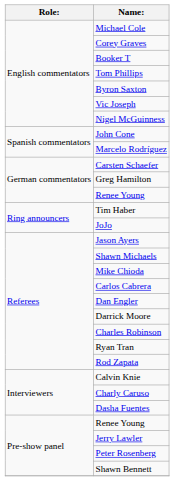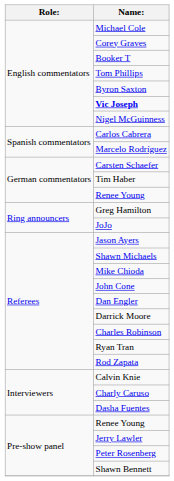 <table class=wikitable style="font-size:90%; margin: 0.5em 0 0.5em 1em; float: right; clear: right;">
 <tr>
 <th>Role:</th>
 <th>Name:</th>
 </tr>
 <tr>
 <td rowspan=7>English commentators</td>
 <td><a href='#'>Michael Cole</a> </td>
 </tr>
 <tr>
 <td><a href='#'>Corey Graves</a> </td>
 </tr>
 <tr>
 <td><a href='#'>Booker T</a> </td>
 </tr>
 <tr>
 <td><a href='#'>Tom Phillips</a> </td>
 </tr>
 <tr>
 <td><a href='#'>Byron Saxton</a> </td>
 </tr>
 <tr>
-<td><a href='#'>Vic Joseph</a> </td>
+<td><strong><a href='#'>Vic Joseph</a> </strong></td>
 </tr>
 <tr>
 <td><a href='#'>Nigel McGuinness</a> </td>
 </tr>
 <tr>
 <td rowspan=2>Spanish commentators</td>
-<td><a href='#'>John Cone</a></td>
+<td><a href='#'>Carlos Cabrera</a></td>
 </tr>
 <tr>
 <td><a href='#'>Marcelo Rodríguez</a></td>
 </tr>
 <tr>
 <td rowspan=3>German commentators</td>
 <td><a href='#'>Carsten Schaefer</a></td>
 </tr>
 <tr>
-<td>Greg Hamilton</td>
+<td>Tim Haber</td>
 </tr>
 <tr>
 <td><a href='#'>Renee Young</a></td>
 </tr>
 <tr>
 <td rowspan=2><a href='#'>Ring announcers</a></td>
-<td>Tim Haber</td>
+<td>Greg Hamilton</td>
 </tr>
 <tr>
 <td><a href='#'>JoJo</a></td>
 </tr>
 <tr>
 <td rowspan=9><a href='#'>Referees</a></td>
 <td><a href='#'>Jason Ayers</a></td>
 </tr>
 <tr>
 <td><a href='#'>Shawn Michaels</a></td>
 </tr>
 <tr>
 <td><a href='#'>Mike Chioda</a></td>
 </tr>
 <tr>
-<td><a href='#'>Carlos Cabrera</a></td>
+<td><a href='#'>John Cone</a></td>
 </tr>
 <tr>
 <td><a href='#'>Dan Engler</a></td>
 </tr>
 <tr>
 <td>Darrick Moore</td>
 </tr>
 <tr>
 <td><a href='#'>Charles Robinson</a></td>
 </tr>
 <tr>
 <td>Ryan Tran</td>
 </tr>
 <tr>
 <td><a href='#'>Rod Zapata</a></td>
 </tr>
 <tr>
 <td rowspan=3>Interviewers</td>
 <td>Calvin Knie</td>
 </tr>
 <tr>
 <td><a href='#'>Charly Caruso</a></td>
 </tr>
 <tr>
 <td><a href='#'>Dasha Fuentes</a></td>
 </tr>
 <tr>
 <td rowspan=4>Pre-show panel</td>
 <td>Renee Young</td>
 </tr>
 <tr>
 <td><a href='#'>Jerry Lawler</a></td>
 </tr>
 <tr>
 <td><a href='#'>Peter Rosenberg</a></td>
 </tr>
 <tr>
 <td>Shawn Bennett</td>
 </tr>
 <tr>
 </tr>
 </table>
